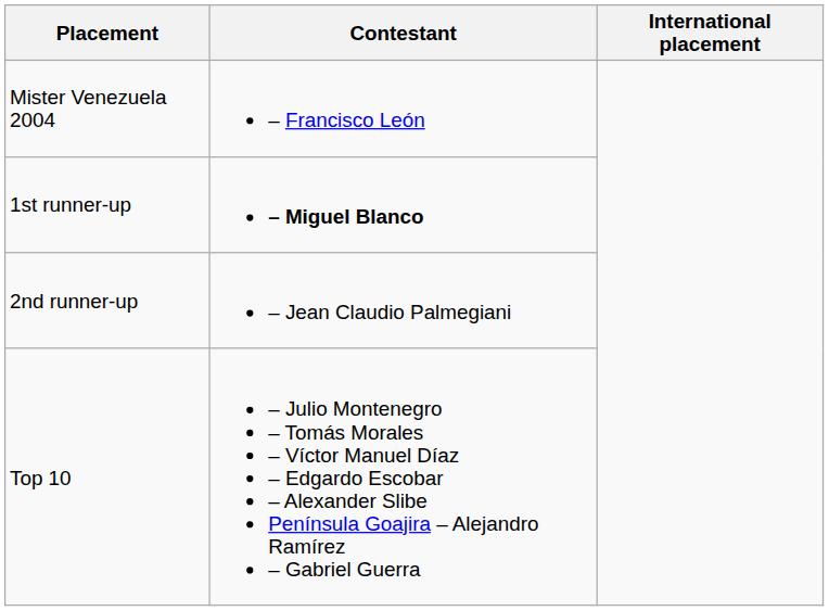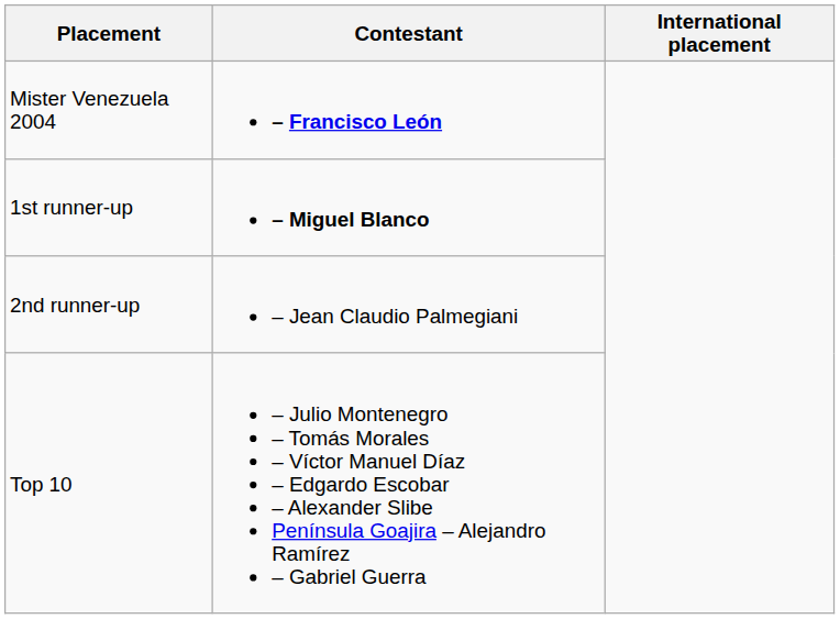 <table class="wikitable sortable" style="font-size: 95%;">
 <tr>
 <th>Placement</th>
 <th>Contestant</th>
 <th>International placement</th>
 </tr>
 <tr>
 <td>Mister Venezuela 2004</td>
-<td><br><ul><li> – <a href='#'>Francisco León</a></li></ul></td>
+<td><strong><br><ul><li> – <a href='#'>Francisco León</a></li></ul></strong></td>
 <td rowspan="4"></td>
 </tr>
 <tr>
 <td>1st runner-up</td>
 <td><strong><br><ul><li> – Miguel Blanco</li></ul></strong></td>
 </tr>
 <tr>
 <td>2nd runner-up</td>
 <td><br><ul><li> – Jean Claudio Palmegiani</li></ul></td>
 </tr>
 <tr>
 <td>Top 10</td>
 <td><br><ul><li> – Julio Montenegro</li><li> – Tomás Morales</li><li> – Víctor Manuel Díaz</li><li> – Edgardo Escobar</li><li> – Alexander Slibe</li><li> <a href='#'>Península Goajira</a> – Alejandro Ramírez</li><li> – Gabriel Guerra</li></ul></td>
 </tr>
 </table>
